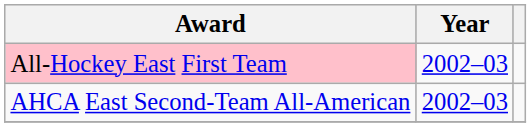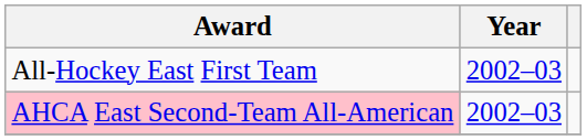 <table class="wikitable">
 <tr>
 <th>Award</th>
 <th>Year</th>
 <th></th>
 </tr>
 <tr>
-<td style="background: pink;">All-<a href='#'>Hockey East</a> <a href='#'>First Team</a></td>
+<td>All-<a href='#'>Hockey East</a> <a href='#'>First Team</a></td>
 <td><a href='#'>2002–03</a></td>
 <td></td>
 </tr>
 <tr>
-<td><a href='#'>AHCA</a> <a href='#'>East Second-Team All-American</a></td>
+<td style="background: pink;"><a href='#'>AHCA</a> <a href='#'>East Second-Team All-American</a></td>
 <td><a href='#'>2002–03</a></td>
 <td></td>
 </tr>
 <tr>
 </tr>
 </table>
